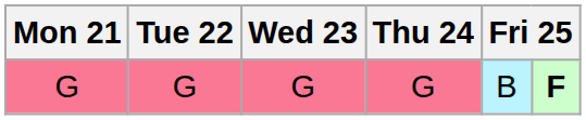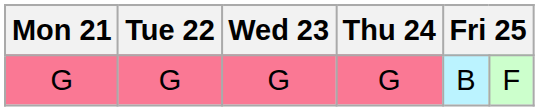 <table class="wikitable" style="margin:0.5em auto; font-size:90%; line-height:1.25em; text-align:center">
 <tr>
 <th>Mon 21</th>
 <th>Tue 22</th>
 <th>Wed 23</th>
 <th>Thu 24</th>
 <th colspan="2">Fri 25</th>
 </tr>
 <tr>
 <td bgcolor="#FA7894">G</td>
 <td bgcolor="#FA7894">G</td>
 <td bgcolor="#FA7894">G</td>
 <td bgcolor="#FA7894">G</td>
 <td bgcolor="#BBF3FF">B</td>
-<td bgcolor="#ccffcc"><strong>F</strong></td>
+<td bgcolor="#ccffcc">F</td>
 </tr>
 </table>
